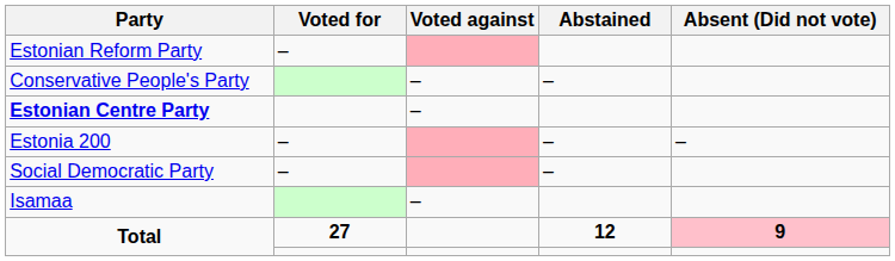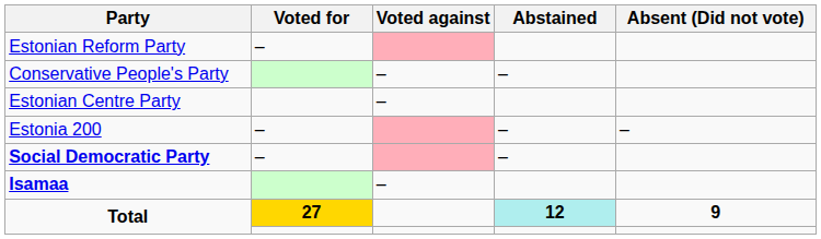 <table class="wikitable">
 <tr>
 <th>Party</th>
 <th style="width:15%;">Voted for</th>
 <th style="width:15%;">Voted against</th>
 <th style="width:15%;">Abstained</th>
 <th>Absent (Did not vote)</th>
 </tr>
 <tr>
 <td> <a href='#'>Estonian Reform Party</a></td>
 <td>–</td>
 <td style="background-color:#FFAEB9;"></td>
 <td></td>
 <td></td>
 </tr>
 <tr>
 <td> <a href='#'>Conservative People's Party</a></td>
 <td style="background-color:#CCFFCC;"></td>
 <td>–</td>
 <td>–</td>
 <td></td>
 </tr>
 <tr>
-<td><strong> <a href='#'>Estonian Centre Party</a></strong></td>
+<td> <a href='#'>Estonian Centre Party</a></td>
 <td></td>
 <td>–</td>
 <td></td>
 <td></td>
 </tr>
 <tr>
 <td> <a href='#'>Estonia 200</a></td>
 <td>–</td>
 <td style="background-color:#FFAEB9;"></td>
 <td>–</td>
 <td>–</td>
 </tr>
 <tr>
-<td> <a href='#'>Social Democratic Party</a></td>
+<td><strong> <a href='#'>Social Democratic Party</a></strong></td>
 <td>–</td>
 <td style="background-color:#FFAEB9;"></td>
 <td>–</td>
 <td></td>
 </tr>
 <tr>
-<td> <a href='#'>Isamaa</a></td>
+<td><strong> <a href='#'>Isamaa</a></strong></td>
 <td style="background-color:#CCFFCC;"></td>
 <td>–</td>
 <td></td>
 <td></td>
 </tr>
 <tr>
 <td style="text-align:center;" rowspan="2"><strong>Total</strong></td>
-<td style="text-align:center;"><strong>27</strong></td>
+<td style="background: gold; text-align:center;"><strong>27</strong></td>
 <td></td>
-<td style="text-align:center;"><strong>12</strong></td>
-<td style="background: pink; text-align:center;"><strong>9</strong></td>
+<td style="background: paleturquoise; text-align:center;"><strong>12</strong></td>
+<td style="text-align:center;"><strong>9</strong></td>
 </tr>
 <tr>
 <td style="text-align:center;"></td>
 <td style="text-align:center;"></td>
 <td style="text-align:center;"></td>
 <td style="text-align:center;"></td>
 </tr>
 </table>
